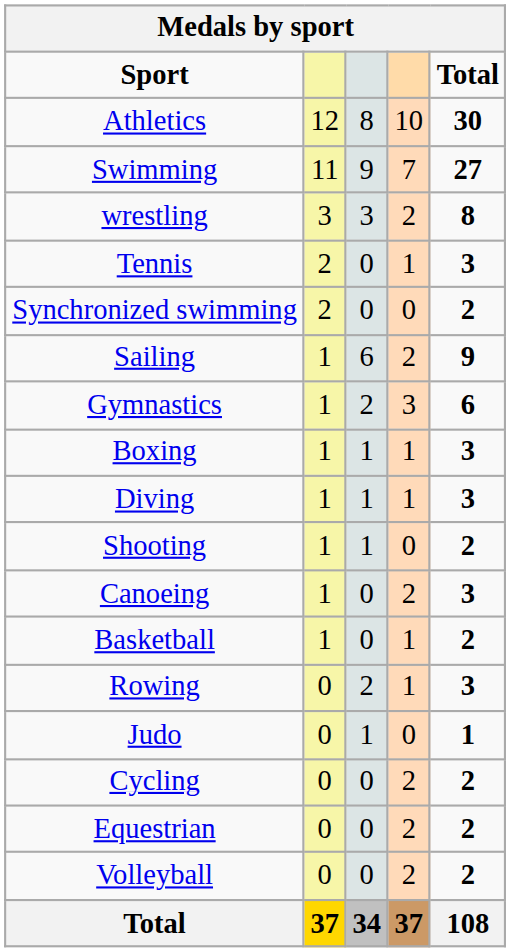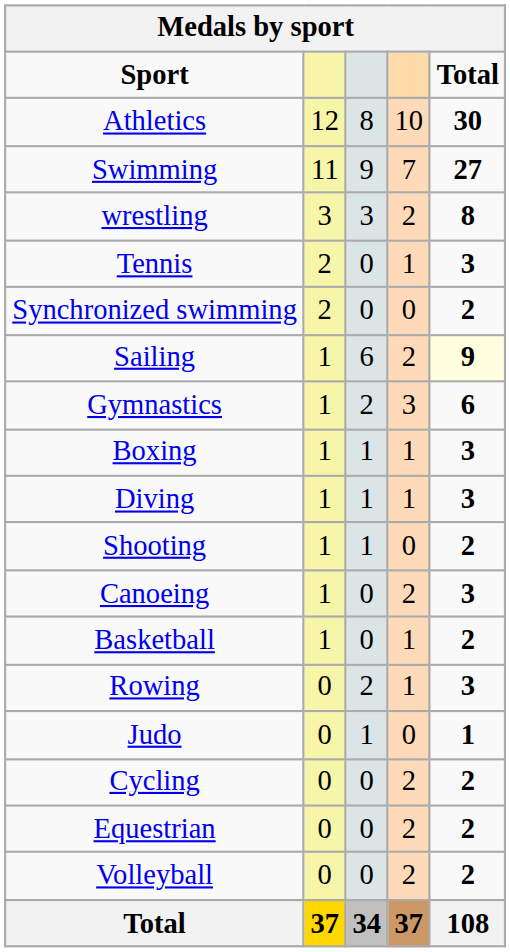 <table class=wikitable style="font-size:85%; float:right;text-align:center">
 <tr bgcolor=EFEFEF>
 <th colspan=7>Medals by sport</th>
 </tr>
 <tr>
 <td><strong>Sport</strong></td>
 <td bgcolor=F7F6A8></td>
 <td bgcolor=DCE5E5></td>
 <td bgcolor=FFDBA9></td>
 <td><strong>Total</strong></td>
 </tr>
 <tr>
 <td><a href='#'>Athletics</a></td>
 <td bgcolor=F7F6A8>12</td>
 <td bgcolor=DCE5E5>8</td>
 <td bgcolor=FFDAB9>10</td>
 <td><strong>30</strong></td>
 </tr>
 <tr>
 <td><a href='#'>Swimming</a></td>
 <td bgcolor=F7F6A8>11</td>
 <td bgcolor=DCE5E5>9</td>
 <td bgcolor=FFDAB9>7</td>
 <td><strong>27</strong></td>
 </tr>
 <tr>
 <td><a href='#'>wrestling</a></td>
 <td bgcolor=F7F6A8>3</td>
 <td bgcolor=DCE5E5>3</td>
 <td bgcolor=FFDAB9>2</td>
 <td><strong>8</strong></td>
 </tr>
 <tr>
 <td><a href='#'>Tennis</a></td>
 <td bgcolor=F7F6A8>2</td>
 <td bgcolor=DCE5E5>0</td>
 <td bgcolor=FFDAB9>1</td>
 <td><strong>3</strong></td>
 </tr>
 <tr>
 <td><a href='#'>Synchronized swimming</a></td>
 <td bgcolor=F7F6A8>2</td>
 <td bgcolor=DCE5E5>0</td>
 <td bgcolor=FFDAB9>0</td>
 <td><strong>2</strong></td>
 </tr>
 <tr>
 <td><a href='#'>Sailing</a></td>
 <td bgcolor=F7F6A8>1</td>
 <td bgcolor=DCE5E5>6</td>
 <td bgcolor=FFDAB9>2</td>
-<td><strong>9</strong></td>
+<td style="background: lightyellow;"><strong>9</strong></td>
 </tr>
 <tr>
 <td><a href='#'>Gymnastics</a></td>
 <td bgcolor=F7F6A8>1</td>
 <td bgcolor=DCE5E5>2</td>
 <td bgcolor=FFDAB9>3</td>
 <td><strong>6</strong></td>
 </tr>
 <tr>
 <td><a href='#'>Boxing</a></td>
 <td bgcolor=F7F6A8>1</td>
 <td bgcolor=DCE5E5>1</td>
 <td bgcolor=FFDAB9>1</td>
 <td><strong>3</strong></td>
 </tr>
 <tr>
 <td><a href='#'>Diving</a></td>
 <td bgcolor=F7F6A8>1</td>
 <td bgcolor=DCE5E5>1</td>
 <td bgcolor=FFDAB9>1</td>
 <td><strong>3</strong></td>
 </tr>
 <tr>
 <td><a href='#'>Shooting</a></td>
 <td bgcolor=F7F6A8>1</td>
 <td bgcolor=DCE5E5>1</td>
 <td bgcolor=FFDAB9>0</td>
 <td><strong>2</strong></td>
 </tr>
 <tr>
 <td><a href='#'>Canoeing</a></td>
 <td bgcolor=F7F6A8>1</td>
 <td bgcolor=DCE5E5>0</td>
 <td bgcolor=FFDAB9>2</td>
 <td><strong>3</strong></td>
 </tr>
 <tr>
 <td><a href='#'>Basketball</a></td>
 <td bgcolor=F7F6A8>1</td>
 <td bgcolor=DCE5E5>0</td>
 <td bgcolor=FFDAB9>1</td>
 <td><strong>2</strong></td>
 </tr>
 <tr>
 <td><a href='#'>Rowing</a></td>
 <td bgcolor=F7F6A8>0</td>
 <td bgcolor=DCE5E5>2</td>
 <td bgcolor=FFDAB9>1</td>
 <td><strong>3</strong></td>
 </tr>
 <tr>
 <td><a href='#'>Judo</a></td>
 <td bgcolor=F7F6A8>0</td>
 <td bgcolor=DCE5E5>1</td>
 <td bgcolor=FFDAB9>0</td>
 <td><strong>1</strong></td>
 </tr>
 <tr>
 <td><a href='#'>Cycling</a></td>
 <td bgcolor=F7F6A8>0</td>
 <td bgcolor=DCE5E5>0</td>
 <td bgcolor=FFDAB9>2</td>
 <td><strong>2</strong></td>
 </tr>
 <tr>
 <td><a href='#'>Equestrian</a></td>
 <td bgcolor=F7F6A8>0</td>
 <td bgcolor=DCE5E5>0</td>
 <td bgcolor=FFDAB9>2</td>
 <td><strong>2</strong></td>
 </tr>
 <tr>
 <td><a href='#'>Volleyball</a></td>
 <td bgcolor=F7F6A8>0</td>
 <td bgcolor=DCE5E5>0</td>
 <td bgcolor=FFDAB9>2</td>
 <td><strong>2</strong></td>
 </tr>
 <tr>
 <th>Total</th>
 <th style=background:gold>37</th>
 <th style=background:silver>34</th>
 <th style=background:#C96>37</th>
 <th>108</th>
 </tr>
 </table>
